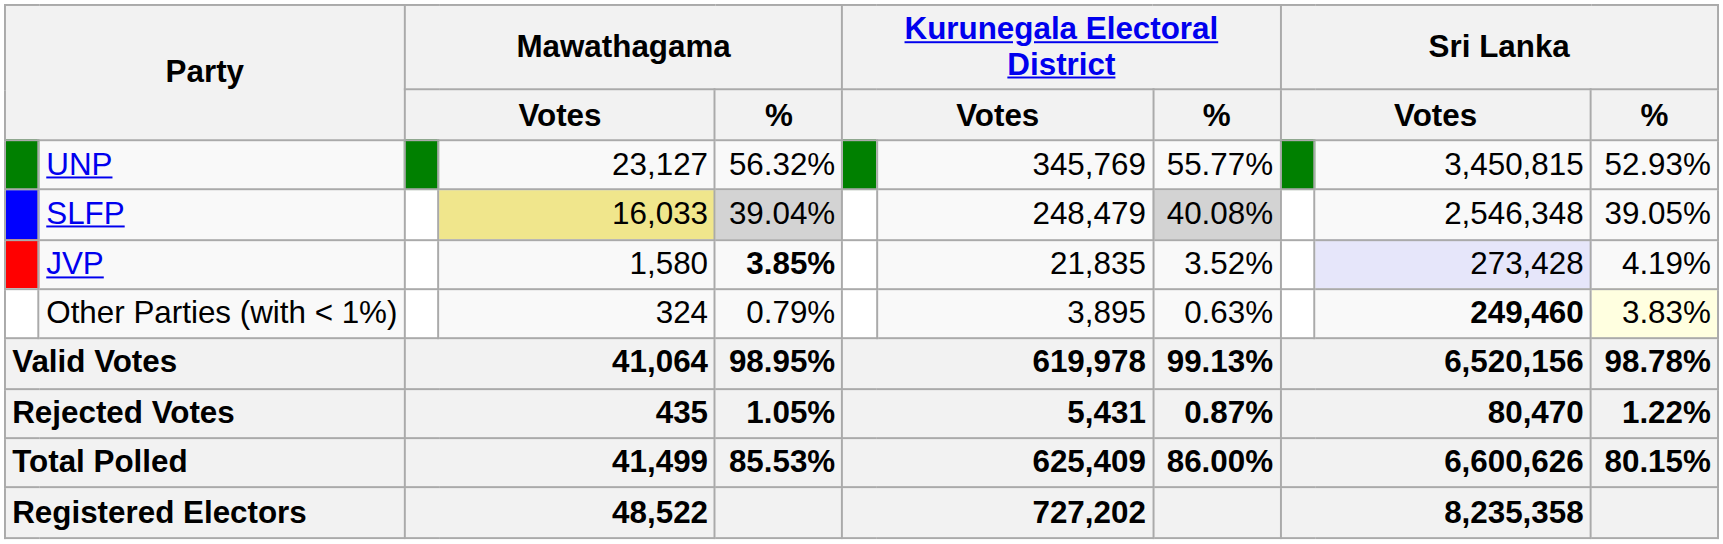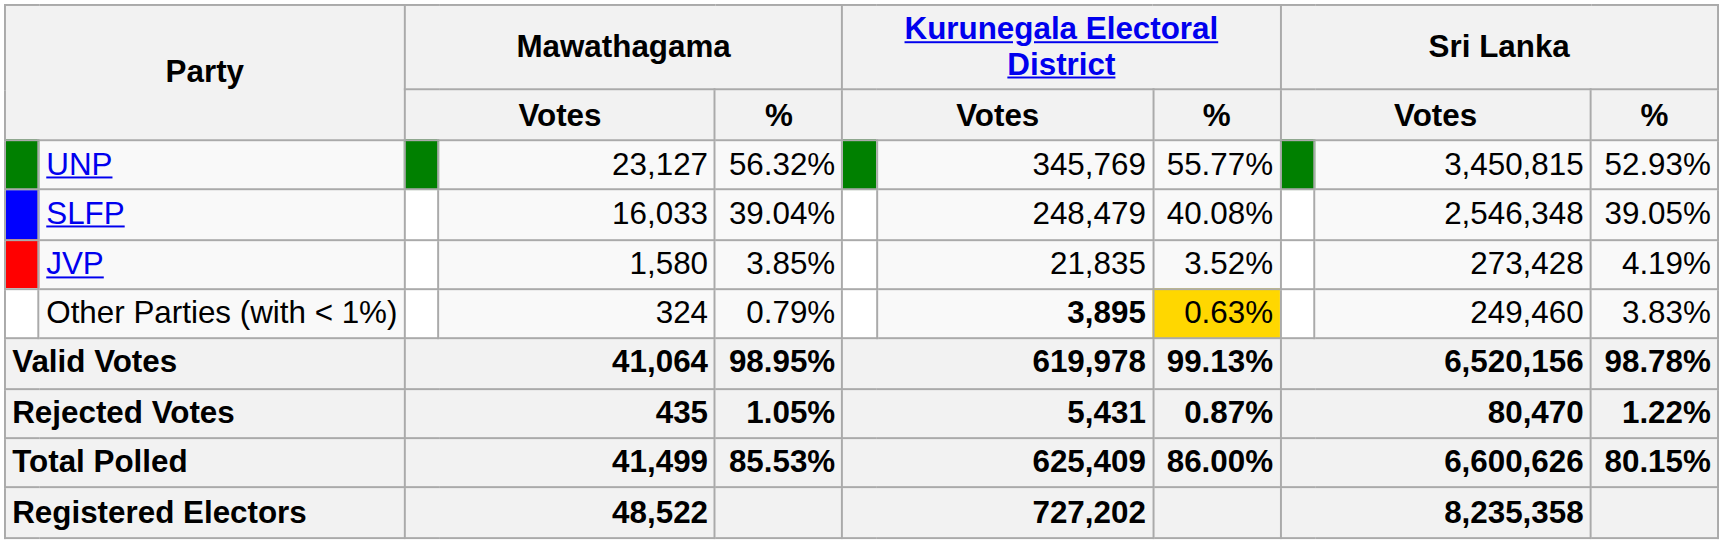 <table class="wikitable">
 <tr>
 <th colspan="2" width="144px"rowspan="2">Party</th>
 <th colspan="3" width="216px">Mawathagama</th>
 <th colspan="3" width="216px"><a href='#'>Kurunegala Electoral District</a></th>
 <th colspan="3" width="216px">Sri Lanka</th>
 </tr>
 <tr>
 <th colspan="2" width="144px">Votes</th>
 <th>%</th>
 <th colspan="2" width="144px">Votes</th>
 <th>%</th>
 <th colspan="2" width="144px">Votes</th>
 <th>%</th>
 </tr>
 <tr>
 <td style="background-color:green;" width="10px"></td>
 <td style="text-align:left;"><a href='#'>UNP</a></td>
 <td style="background-color:green;" width="10px"></td>
 <td style="text-align:right;">23,127</td>
 <td style="text-align:right;">56.32%</td>
 <td style="background-color:green;" width="10px"></td>
 <td style="text-align:right;">345,769</td>
 <td style="text-align:right;">55.77%</td>
 <td style="background-color:green;" width="10px"></td>
 <td style="text-align:right;">3,450,815</td>
 <td style="text-align:right;">52.93%</td>
 </tr>
 <tr>
 <td style="background-color:blue;" width="10px"></td>
 <td style="text-align:left;"><a href='#'>SLFP</a></td>
 <td style="background-color:white;" width="10px"></td>
-<td style="background: khaki; text-align:right;">16,033</td>
-<td style="background: lightgrey; text-align:right;">39.04%</td>
+<td style="text-align:right;">16,033</td>
+<td style="text-align:right;">39.04%</td>
 <td style="background-color:white;" width="10px"></td>
 <td style="text-align:right;">248,479</td>
-<td style="background: lightgrey; text-align:right;">40.08%</td>
+<td style="text-align:right;">40.08%</td>
 <td style="background-color:white;" width="10px"></td>
 <td style="text-align:right;">2,546,348</td>
 <td style="text-align:right;">39.05%</td>
 </tr>
 <tr>
 <td style="background-color:red;" width="10px"></td>
 <td style="text-align:left;"><a href='#'>JVP</a></td>
 <td style="background-color:white;" width="10px"></td>
 <td style="text-align:right;">1,580</td>
-<td style="text-align:right;"><strong>3.85%</strong></td>
+<td style="text-align:right;">3.85%</td>
 <td style="background-color:white;" width="10px"></td>
 <td style="text-align:right;">21,835</td>
 <td style="text-align:right;">3.52%</td>
 <td style="background-color:white;" width="10px"></td>
-<td style="background: lavender; text-align:right;">273,428</td>
+<td style="text-align:right;">273,428</td>
 <td style="text-align:right;">4.19%</td>
 </tr>
 <tr>
 <td style="background-color:white;" width="10px"></td>
 <td style="text-align:left;">Other Parties (with < 1%)</td>
 <td style="background-color:white;" width="10px"></td>
 <td style="text-align:right;">324</td>
 <td style="text-align:right;">0.79%</td>
 <td style="background-color:white;" width="10px"></td>
-<td style="text-align:right;">3,895</td>
-<td style="text-align:right;">0.63%</td>
+<td style="text-align:right;"><strong>3,895</strong></td>
+<td style="background: gold; text-align:right;">0.63%</td>
 <td style="background-color:white;" width="10px"></td>
-<td style="text-align:right;"><strong>249,460</strong></td>
-<td style="background: lightyellow; text-align:right;">3.83%</td>
+<td style="text-align:right;">249,460</td>
+<td style="text-align:right;">3.83%</td>
 </tr>
 <tr>
 <th colspan="2" width="144px"style="text-align:left;">Valid Votes</th>
 <th style="text-align:right;"colspan="2" width="144px">41,064</th>
 <th style="text-align:right;">98.95%</th>
 <th style="text-align:right;"colspan="2" width="144px">619,978</th>
 <th style="text-align:right;">99.13%</th>
 <th style="text-align:right;"colspan="2" width="144px">6,520,156</th>
 <th style="text-align:right;">98.78%</th>
 </tr>
 <tr>
 <th colspan="2" width="144px"style="text-align:left;">Rejected Votes</th>
 <th style="text-align:right;"colspan="2" width="144px">435</th>
 <th style="text-align:right;">1.05%</th>
 <th style="text-align:right;"colspan="2" width="144px">5,431</th>
 <th style="text-align:right;">0.87%</th>
 <th style="text-align:right;"colspan="2" width="144px">80,470</th>
 <th style="text-align:right;">1.22%</th>
 </tr>
 <tr>
 <th colspan="2" width="144px"style="text-align:left;">Total Polled</th>
 <th style="text-align:right;"colspan="2" width="144px">41,499</th>
 <th style="text-align:right;">85.53%</th>
 <th style="text-align:right;"colspan="2" width="144px">625,409</th>
 <th style="text-align:right;">86.00%</th>
 <th style="text-align:right;"colspan="2" width="144px">6,600,626</th>
 <th style="text-align:right;">80.15%</th>
 </tr>
 <tr>
 <th colspan="2" width="144px"style="text-align:left;">Registered Electors</th>
 <th style="text-align:right;"colspan="2" width="144px">48,522</th>
 <th></th>
 <th style="text-align:right;"colspan="2" width="144px">727,202</th>
 <th></th>
 <th style="text-align:right;"colspan="2" width="144px">8,235,358</th>
 <th></th>
 </tr>
 </table>
